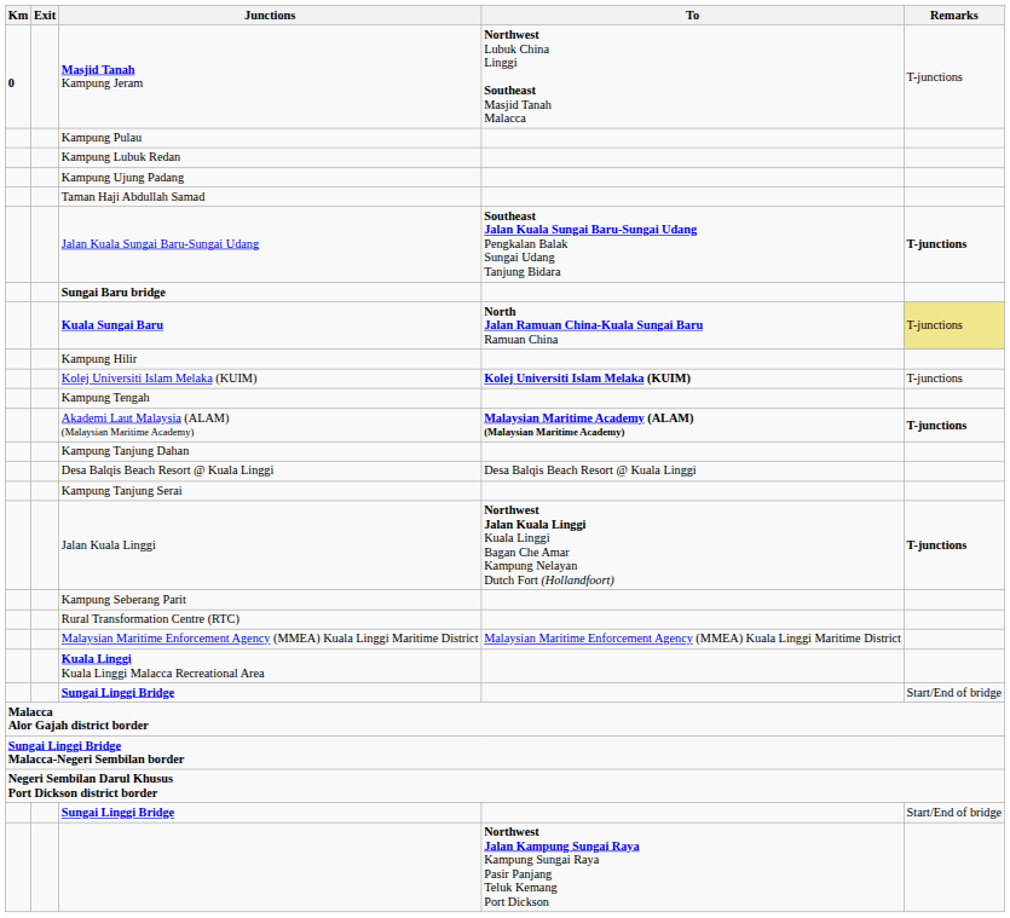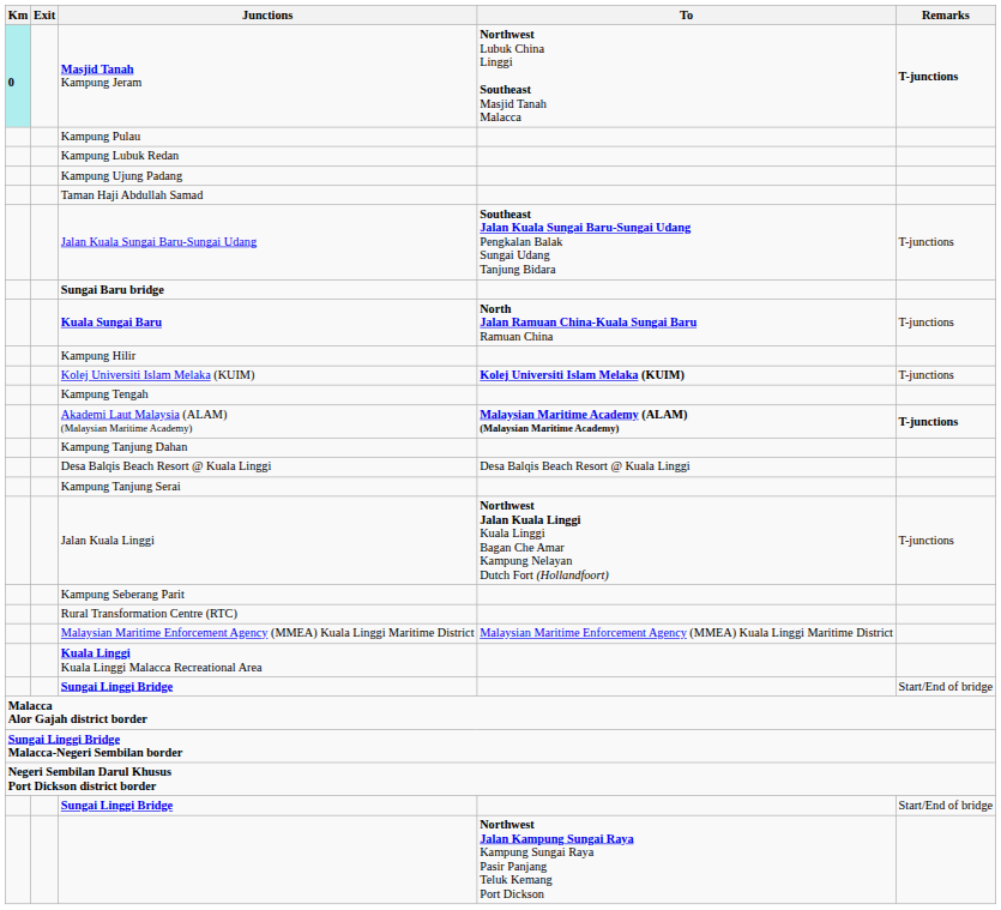 <table class="wikitable">
 <tr>
 <th>Km</th>
 <th>Exit</th>
 <th>Junctions</th>
 <th>To</th>
 <th>Remarks</th>
 </tr>
 <tr>
-<td><br><strong>0</strong></td>
+<td style="background: paleturquoise;"><br><strong>0</strong></td>
 <td></td>
 <td><strong><a href='#'>Masjid Tanah</a></strong><br>Kampung Jeram</td>
 <td><strong>Northwest</strong><br> Lubuk China<br> Linggi<br><br><strong>Southeast</strong><br> Masjid Tanah<br> Malacca</td>
-<td>T-junctions</td>
+<td><strong>T-junctions</strong></td>
 </tr>
 <tr>
 <td></td>
 <td></td>
 <td>Kampung Pulau</td>
 <td></td>
 <td></td>
 </tr>
 <tr>
 <td></td>
 <td></td>
 <td>Kampung Lubuk Redan</td>
 <td></td>
 <td></td>
 </tr>
 <tr>
 <td></td>
 <td></td>
 <td>Kampung Ujung Padang</td>
 <td></td>
 <td></td>
 </tr>
 <tr>
 <td></td>
 <td></td>
 <td>Taman Haji Abdullah Samad</td>
 <td></td>
 <td></td>
 </tr>
 <tr>
 <td></td>
 <td></td>
 <td><a href='#'>Jalan Kuala Sungai Baru-Sungai Udang</a></td>
 <td><strong>Southeast</strong><br> <strong><a href='#'>Jalan Kuala Sungai Baru-Sungai Udang</a></strong><br>Pengkalan Balak<br>Sungai Udang<br>Tanjung Bidara </td>
-<td><strong>T-junctions</strong></td>
+<td>T-junctions</td>
 </tr>
 <tr>
 <td></td>
 <td></td>
 <td><strong>Sungai Baru bridge</strong></td>
 <td></td>
 <td></td>
 </tr>
 <tr>
 <td></td>
 <td></td>
 <td><strong><a href='#'>Kuala Sungai Baru</a></strong></td>
 <td><strong>North</strong><br> <strong><a href='#'>Jalan Ramuan China-Kuala Sungai Baru</a></strong><br>Ramuan China</td>
-<td style="background: khaki;">T-junctions</td>
+<td>T-junctions</td>
 </tr>
 <tr>
 <td></td>
 <td></td>
 <td>Kampung Hilir</td>
 <td></td>
 <td></td>
 </tr>
 <tr>
 <td></td>
 <td></td>
 <td><a href='#'>Kolej Universiti Islam Melaka</a> (KUIM) </td>
 <td><strong><a href='#'>Kolej Universiti Islam Melaka</a> (KUIM)</strong> </td>
 <td>T-junctions</td>
 </tr>
 <tr>
 <td></td>
 <td></td>
 <td>Kampung Tengah</td>
 <td></td>
 <td></td>
 </tr>
 <tr>
 <td></td>
 <td></td>
 <td><a href='#'>Akademi Laut Malaysia</a> (ALAM) <br><small>(Malaysian Maritime Academy)</small></td>
 <td><strong><a href='#'>Malaysian Maritime Academy</a> (ALAM)</strong> <br><small><strong>(Malaysian Maritime Academy)</strong></small></td>
 <td><strong>T-junctions</strong></td>
 </tr>
 <tr>
 <td></td>
 <td></td>
 <td>Kampung Tanjung Dahan</td>
 <td></td>
 <td></td>
 </tr>
 <tr>
 <td></td>
 <td></td>
 <td>Desa Balqis Beach Resort @ Kuala Linggi</td>
 <td>Desa Balqis Beach Resort @ Kuala Linggi</td>
 <td></td>
 </tr>
 <tr>
 <td></td>
 <td></td>
 <td>Kampung Tanjung Serai</td>
 <td></td>
 <td></td>
 </tr>
 <tr>
 <td></td>
 <td></td>
 <td>Jalan Kuala Linggi</td>
 <td><strong>Northwest</strong><br><strong>Jalan Kuala Linggi</strong><br>Kuala Linggi<br>Bagan Che Amar<br> Kampung Nelayan<br>Dutch Fort <em>(Hollandfoort)</em><br> </td>
-<td><strong>T-junctions</strong></td>
+<td>T-junctions</td>
 </tr>
 <tr>
 <td></td>
 <td></td>
 <td>Kampung Seberang Parit</td>
 <td></td>
 <td></td>
 </tr>
 <tr>
 <td></td>
 <td></td>
 <td>Rural Transformation Centre (RTC)</td>
 <td></td>
 <td></td>
 </tr>
 <tr>
 <td></td>
 <td></td>
 <td><a href='#'>Malaysian Maritime Enforcement Agency</a> (MMEA) Kuala Linggi Maritime District</td>
 <td><a href='#'>Malaysian Maritime Enforcement Agency</a> (MMEA) Kuala Linggi Maritime District</td>
 <td></td>
 </tr>
 <tr>
 <td></td>
 <td></td>
 <td><strong><a href='#'>Kuala Linggi</a></strong><br> Kuala Linggi Malacca Recreational Area</td>
 <td>     </td>
 <td></td>
 </tr>
 <tr>
 <td></td>
 <td></td>
 <td><strong><a href='#'>Sungai Linggi Bridge</a></strong></td>
 <td></td>
 <td>Start/End of bridge</td>
 </tr>
 <tr>
 <td style="width:600px" colspan="6" style="text-align:center; background:blue;"><strong><span>Malacca<br>Alor Gajah district border</span></strong></td>
 </tr>
 <tr>
 <td style="width:600px" colspan="6" style="text-align:center; background:yellow;"><strong><span><a href='#'>Sungai Linggi Bridge</a><br>Malacca-Negeri Sembilan border</span></strong></td>
 </tr>
 <tr>
 <td style="width:600px" colspan="6" style="text-align:center; background:blue;"><strong><span>Negeri Sembilan Darul Khusus<br>Port Dickson district border</span></strong></td>
 </tr>
 <tr>
 <td></td>
 <td></td>
 <td><strong><a href='#'>Sungai Linggi Bridge</a></strong></td>
 <td></td>
 <td>Start/End of bridge</td>
 </tr>
 <tr>
 <td></td>
 <td></td>
 <td></td>
 <td><strong>Northwest</strong><br> <strong><a href='#'>Jalan Kampung Sungai Raya</a></strong><br> Kampung Sungai Raya<br> Pasir Panjang<br> Teluk Kemang<br> Port Dickson</td>
 <td></td>
 </tr>
 </table>
